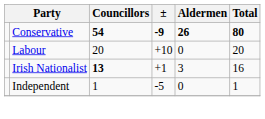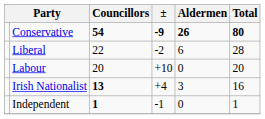 <table class="wikitable">
 <tr>
 <th colspan="2">Party</th>
 <th>Councillors</th>
 <th>  ±  </th>
 <th>Aldermen</th>
 <th>Total</th>
 </tr>
 <tr>
 <td style="background-color: "></td>
 <td><a href='#'>Conservative</a></td>
 <td><strong>54</strong></td>
 <td><strong>-9</strong></td>
 <td><strong>26</strong></td>
 <td><strong>80</strong></td>
 </tr>
 <tr>
 <td style="background-color: "></td>
+<td><a href='#'>Liberal</a></td>
+<td>22</td>
+<td>-2</td>
+<td>6</td>
+<td>28</td>
+</tr>
+<tr>
+<td style="background-color: "></td>
 <td><a href='#'>Labour</a></td>
 <td>20</td>
 <td>+10</td>
 <td>0</td>
 <td>20</td>
 </tr>
 <tr>
 <td style="background-color: "></td>
 <td><a href='#'>Irish Nationalist</a></td>
 <td><strong>13</strong></td>
-<td>+1</td>
+<td>+4</td>
 <td>3</td>
 <td>16</td>
 </tr>
 <tr>
 <td style="background-color: "></td>
 <td>Independent</td>
-<td>1</td>
-<td>-5</td>
+<td><strong>1</strong></td>
+<td>-1</td>
 <td>0</td>
 <td>1</td>
 </tr>
 <tr>
 </tr>
 </table>
